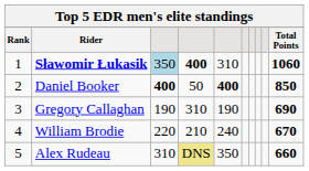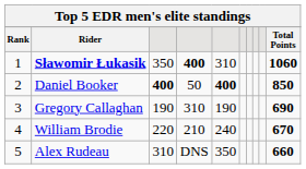 <table class="wikitable sortable">
 <tr>
 <th colspan=27 align="center"><strong>Top 5 EDR men's elite standings</strong></th>
 </tr>
 <tr>
 </tr>
 <tr style="font-size:8pt;font-weight:bold">
 <th align="center">Rank</th>
 <th align="center">Rider</th>
 <th class=unsortable style="background:#E5E4E2;"><small></small></th>
 <th class=unsortable style="background:#E5E4E2;"><small></small></th>
 <th class=unsortable style="background:#E5E4E2;"><small></small></th>
 <th class=unsortable style="background:#E5E4E2;"><small></small></th>
 <th class=unsortable style="background:#E5E4E2;"><small></small></th>
 <th class=unsortable style="background:#E5E4E2;"><small></small></th>
 <th class=unsortable style="background:#E5E4E2;"><small></small></th>
 <th align="center">Total<br>Points</th>
 </tr>
 <tr>
 <td align=center>1</td>
 <td> <strong><a href='#'>Sławomir Łukasik</a></strong></td>
-<td align=center style="background: lightblue;">350</td>
+<td align=center>350</td>
 <td align=center><strong>400</strong></td>
 <td align=center>310</td>
 <td align=center></td>
 <td align=center></td>
 <td align=center></td>
 <td align=center></td>
 <td align=center><strong>1060</strong></td>
 </tr>
 <tr>
 <td align=center>2</td>
 <td> <a href='#'>Daniel Booker</a></td>
 <td align=center><strong>400</strong></td>
 <td align=center>50</td>
 <td align=center><strong>400</strong></td>
 <td align=center></td>
 <td align=center></td>
 <td align=center></td>
 <td align=center></td>
 <td align=center><strong>850</strong></td>
 </tr>
 <tr>
 <td align=center>3</td>
 <td> <a href='#'>Gregory Callaghan</a></td>
 <td align=center>190</td>
 <td align=center>310</td>
 <td align=center>190</td>
 <td align=center></td>
 <td align=center></td>
 <td align=center></td>
 <td align=center></td>
 <td align=center><strong>690</strong></td>
 </tr>
 <tr>
 <td align=center>4</td>
 <td> <a href='#'>William Brodie</a></td>
 <td align=center>220</td>
 <td align=center>210</td>
 <td align=center>240</td>
 <td align=center></td>
 <td align=center></td>
 <td align=center></td>
 <td align=center></td>
 <td align=center><strong>670</strong></td>
 </tr>
 <tr>
 <td align=center>5</td>
 <td> <a href='#'>Alex Rudeau</a></td>
 <td align=center>310</td>
-<td align=center style="background: khaki;">DNS</td>
+<td align=center>DNS</td>
 <td align=center>350</td>
 <td align=center></td>
 <td align=center></td>
 <td align=center></td>
 <td align=center></td>
 <td align=center><strong>660</strong><br></td>
 </tr>
 </table>
